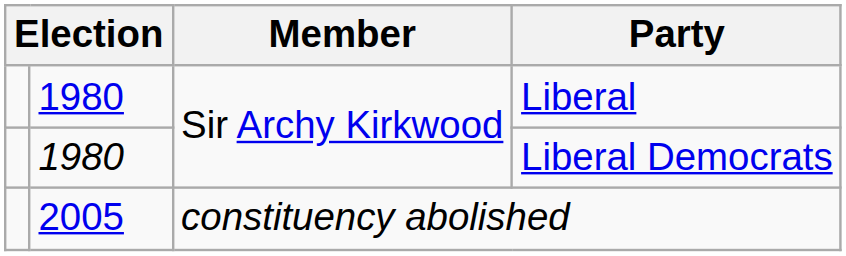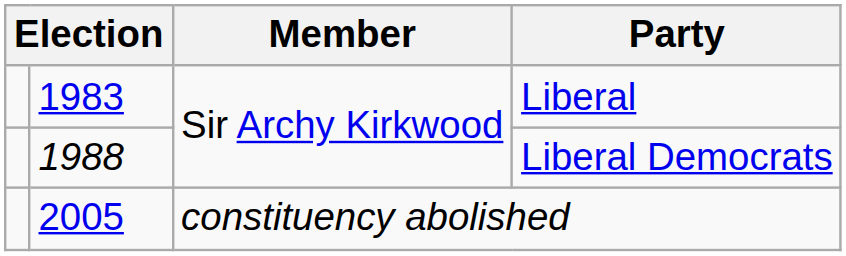 <table class="wikitable">
 <tr>
 <th colspan="2">Election</th>
 <th>Member</th>
 <th>Party</th>
 </tr>
 <tr>
 <td style="color:inherit;background-color: "></td>
-<td><a href='#'>1980</a></td>
+<td><a href='#'>1983</a></td>
 <td rowspan=2>Sir <a href='#'>Archy Kirkwood</a></td>
 <td><a href='#'>Liberal</a></td>
 </tr>
 <tr>
 <td style="color:inherit;background-color: "></td>
-<td><em>1980</em></td>
+<td><em>1988</em></td>
 <td><a href='#'>Liberal Democrats</a></td>
 </tr>
 <tr>
 <td></td>
 <td><a href='#'>2005</a></td>
 <td colspan="2"><em>constituency abolished</em></td>
 </tr>
 </table>
